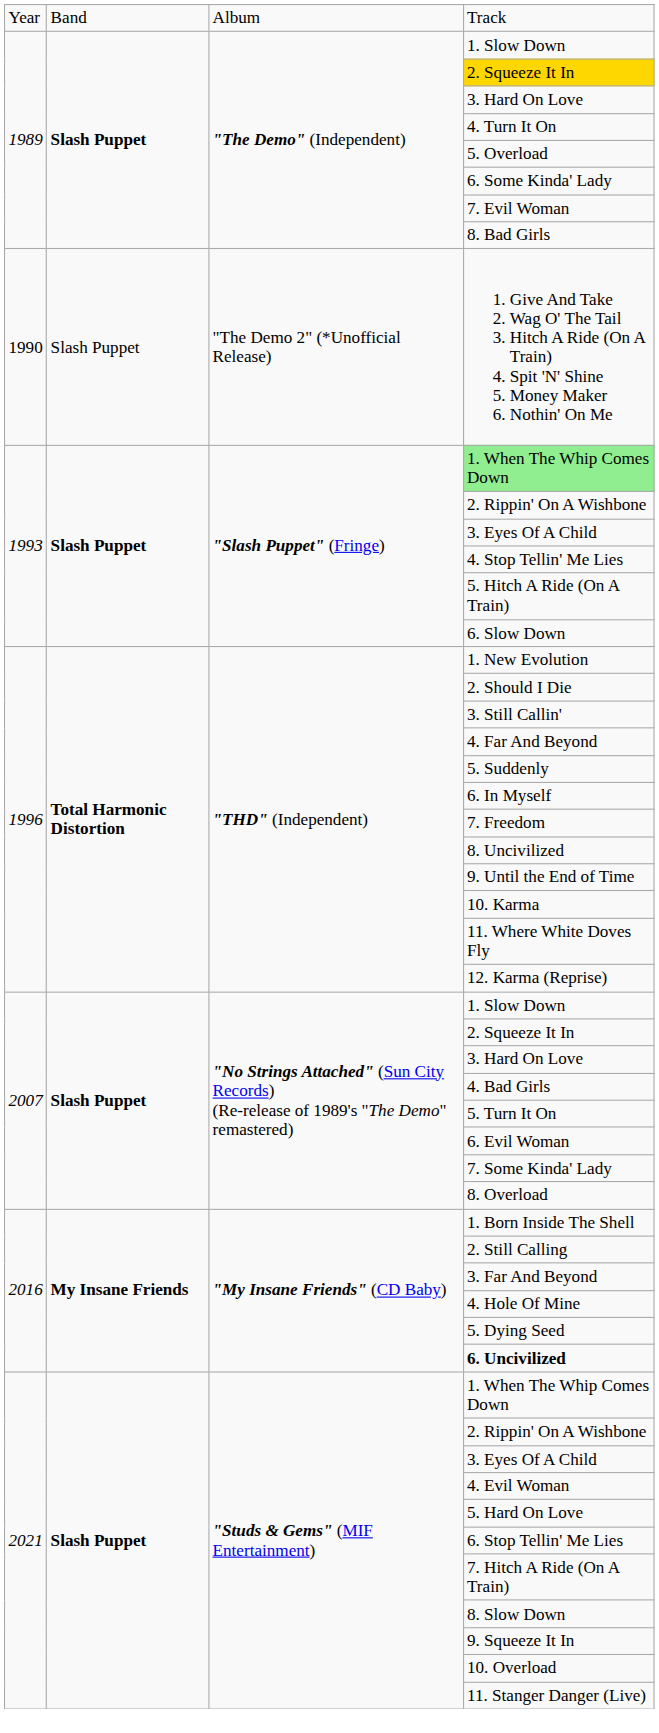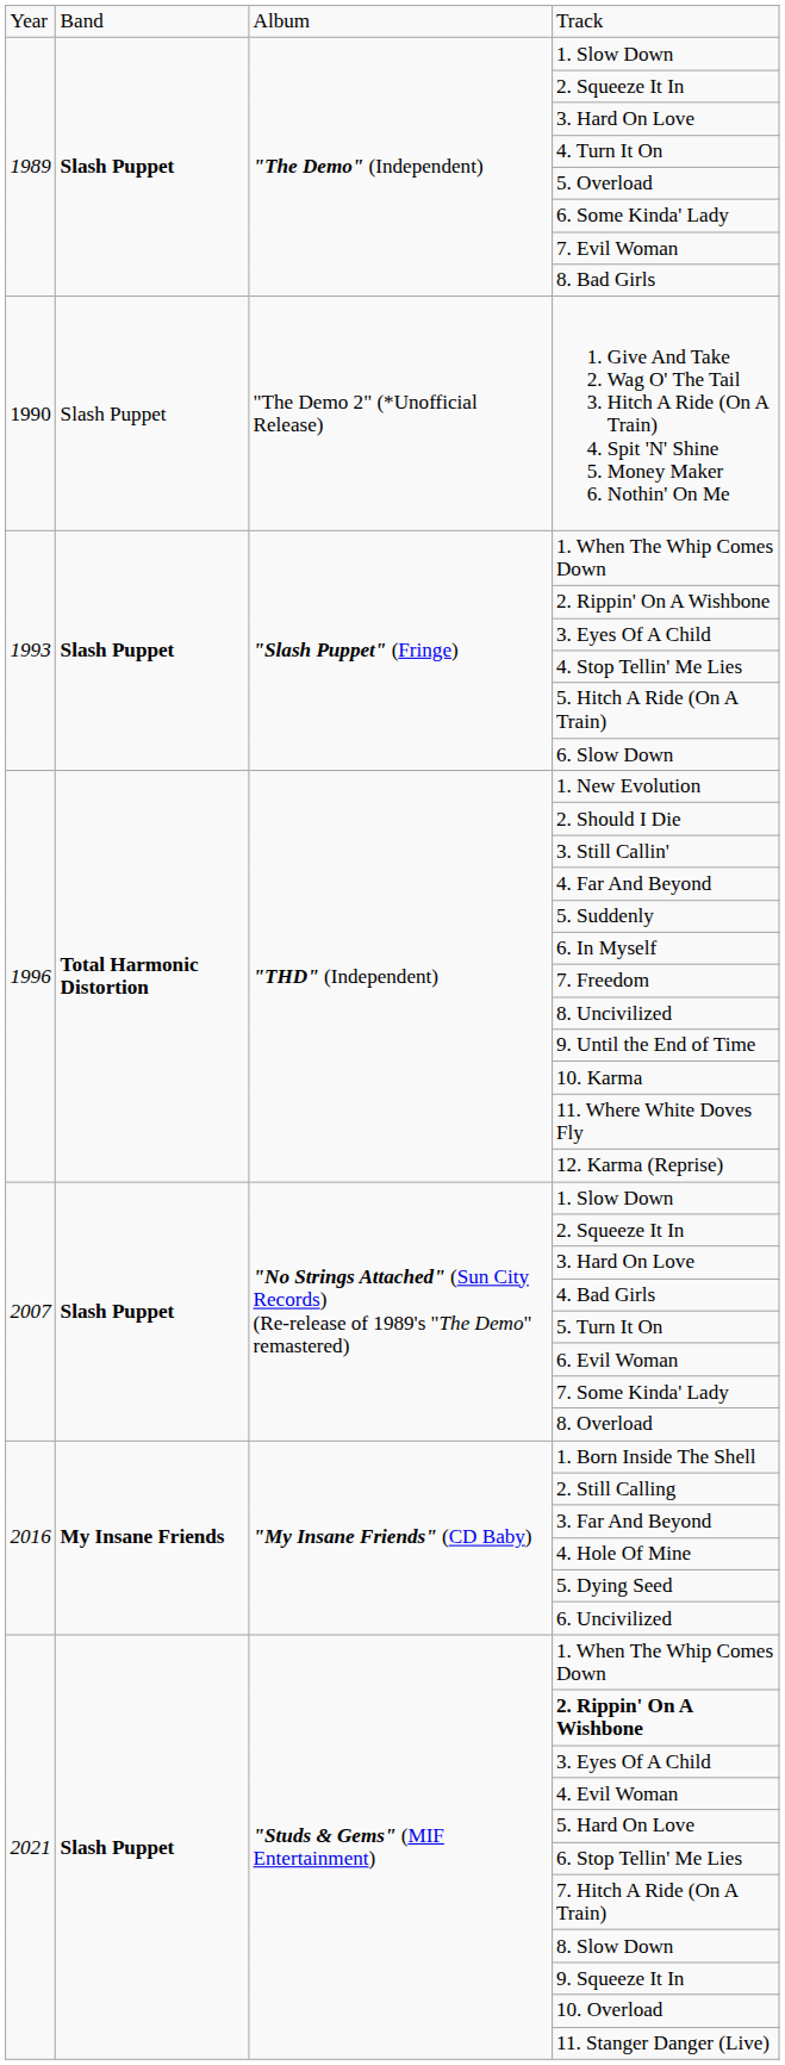 <table class="wikitable">
 <tr>
 <td>Year</td>
 <td>Band</td>
 <td>Album</td>
 <td>Track</td>
 </tr>
 <tr>
 <td rowspan="8"><em>1989</em></td>
 <td rowspan="8"><strong>Slash Puppet</strong></td>
 <td rowspan="8"><strong><em>"The Demo"</em></strong> (Independent)</td>
 <td>1. Slow Down</td>
 </tr>
 <tr>
-<td style="background: gold;">2. Squeeze It In</td>
+<td>2. Squeeze It In</td>
 </tr>
 <tr>
 <td>3. Hard On Love</td>
 </tr>
 <tr>
 <td>4. Turn It On</td>
 </tr>
 <tr>
 <td>5. Overload</td>
 </tr>
 <tr>
 <td>6. Some Kinda' Lady</td>
 </tr>
 <tr>
 <td>7. Evil Woman</td>
 </tr>
 <tr>
 <td>8. Bad Girls</td>
 </tr>
 <tr>
 <td>1990</td>
 <td>Slash Puppet</td>
 <td>"The Demo 2" (*Unofficial Release)</td>
 <td><br><ol><li>Give And Take</li><li>Wag O' The Tail</li><li>Hitch A Ride (On A Train)</li><li>Spit 'N' Shine</li><li>Money Maker</li><li>Nothin' On Me</li></ol></td>
 </tr>
 <tr>
 <td rowspan="6"><em>1993</em></td>
 <td rowspan="6"><strong>Slash Puppet</strong></td>
 <td rowspan="6"><strong><em>"Slash Puppet"</em></strong> (<a href='#'>Fringe</a>)<br></td>
-<td style="background: lightgreen;">1.  When The Whip Comes Down</td>
+<td>1.  When The Whip Comes Down</td>
 </tr>
 <tr>
 <td>2. Rippin' On A Wishbone</td>
 </tr>
 <tr>
 <td>3. Eyes Of A Child</td>
 </tr>
 <tr>
 <td>4. Stop Tellin' Me Lies</td>
 </tr>
 <tr>
 <td>5. Hitch A Ride (On A Train)</td>
 </tr>
 <tr>
 <td>6. Slow Down</td>
 </tr>
 <tr>
 <td rowspan="12"><em>1996</em></td>
 <td rowspan="12"><strong>Total Harmonic Distortion</strong></td>
 <td rowspan="12"><strong><em>"THD"</em></strong> (Independent)<br></td>
 <td>1. New Evolution</td>
 </tr>
 <tr>
 <td>2. Should I Die</td>
 </tr>
 <tr>
 <td>3. Still Callin'</td>
 </tr>
 <tr>
 <td>4. Far And Beyond</td>
 </tr>
 <tr>
 <td>5. Suddenly</td>
 </tr>
 <tr>
 <td>6. In Myself</td>
 </tr>
 <tr>
 <td>7. Freedom</td>
 </tr>
 <tr>
 <td>8. Uncivilized</td>
 </tr>
 <tr>
 <td>9. Until the End of Time</td>
 </tr>
 <tr>
 <td>10. Karma</td>
 </tr>
 <tr>
 <td>11. Where White Doves Fly</td>
 </tr>
 <tr>
 <td>12. Karma (Reprise)</td>
 </tr>
 <tr>
 <td rowspan="8"><em>2007</em></td>
 <td rowspan="8"><strong>Slash Puppet</strong></td>
 <td rowspan="8"><strong><em>"No Strings Attached"</em></strong> (<a href='#'>Sun City Records</a>)<br>(Re-release of 1989's "<em>The Demo</em>" remastered)</td>
 <td>1. Slow Down</td>
 </tr>
 <tr>
 <td>2. Squeeze It In</td>
 </tr>
 <tr>
 <td>3. Hard On Love</td>
 </tr>
 <tr>
 <td>4. Bad Girls</td>
 </tr>
 <tr>
 <td>5. Turn It On</td>
 </tr>
 <tr>
 <td>6. Evil Woman</td>
 </tr>
 <tr>
 <td>7. Some Kinda' Lady</td>
 </tr>
 <tr>
 <td>8. Overload</td>
 </tr>
 <tr>
 <td rowspan="6"><em>2016</em></td>
 <td rowspan="6"><strong>My Insane Friends</strong></td>
 <td rowspan="6"><strong><em>"My Insane Friends"</em></strong> (<a href='#'>CD Baby</a>)<br></td>
 <td>1. Born Inside The Shell</td>
 </tr>
 <tr>
 <td>2. Still Calling</td>
 </tr>
 <tr>
 <td>3. Far And Beyond</td>
 </tr>
 <tr>
 <td>4. Hole Of Mine</td>
 </tr>
 <tr>
 <td>5. Dying Seed</td>
 </tr>
 <tr>
-<td><strong>6. Uncivilized</strong></td>
+<td>6. Uncivilized</td>
 </tr>
 <tr>
 <td rowspan="11"><em>2021</em></td>
 <td rowspan="13"><strong>Slash Puppet</strong></td>
 <td rowspan="11"><strong><em>"Studs & Gems"</em></strong> (<a href='#'>MIF Entertainment</a>)</td>
 <td>1. When The Whip Comes Down</td>
 </tr>
 <tr>
-<td>2. Rippin' On A Wishbone</td>
+<td><strong>2. Rippin' On A Wishbone</strong></td>
 </tr>
 <tr>
 <td>3. Eyes Of A Child</td>
 </tr>
 <tr>
 <td>4. Evil Woman</td>
 </tr>
 <tr>
 <td>5. Hard On Love</td>
 </tr>
 <tr>
 <td>6. Stop Tellin' Me Lies</td>
 </tr>
 <tr>
 <td>7. Hitch A Ride (On A Train)</td>
 </tr>
 <tr>
 <td>8. Slow Down</td>
 </tr>
 <tr>
 <td>9. Squeeze It In</td>
 </tr>
 <tr>
 <td>10. Overload</td>
 </tr>
 <tr>
 <td>11. Stanger Danger (Live)</td>
 </tr>
 </table>
